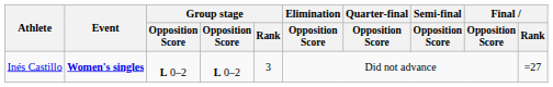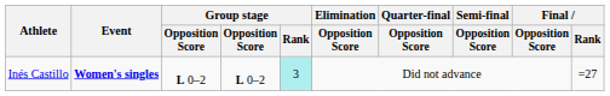 <table class="wikitable" style="font-size:90%">
 <tr>
 <th rowspan="2">Athlete</th>
 <th rowspan="2">Event</th>
 <th colspan="3">Group stage</th>
 <th>Elimination</th>
 <th>Quarter-final</th>
 <th>Semi-final</th>
 <th colspan="2">Final / </th>
 </tr>
 <tr style="font-size:95%">
 <th>Opposition<br>Score</th>
 <th>Opposition<br>Score</th>
 <th>Rank</th>
 <th>Opposition<br>Score</th>
 <th>Opposition<br>Score</th>
 <th>Opposition<br>Score</th>
 <th>Opposition<br>Score</th>
 <th>Rank</th>
 </tr>
 <tr align="center">
 <td align="left"><a href='#'>Inés Castillo</a></td>
 <td align="left"><strong><a href='#'>Women's singles</a></strong></td>
 <td><br><strong>L</strong> 0–2</td>
 <td><br><strong>L</strong> 0–2</td>
-<td>3</td>
+<td style="background: paleturquoise;">3</td>
 <td colspan=4>Did not advance</td>
 <td>=27</td>
 </tr>
 </table>
